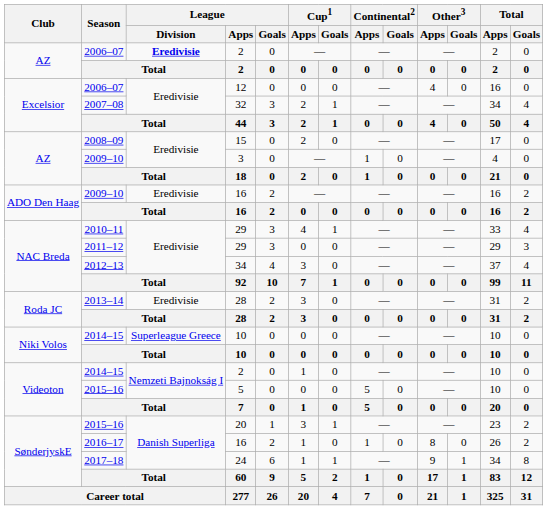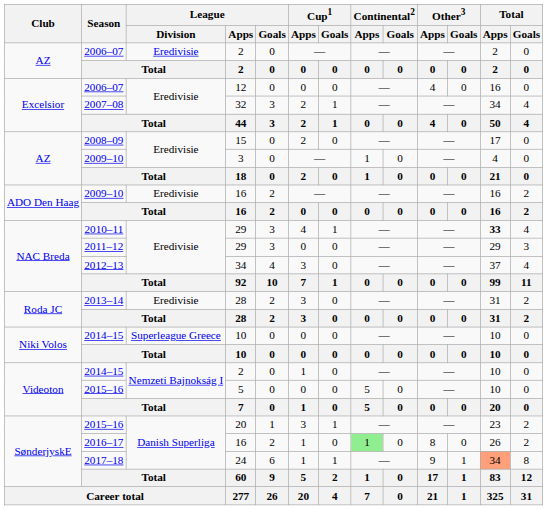 <table class="wikitable" style="text-align:center">
 <tr>
 <th rowspan=2>Club</th>
 <th rowspan=2>Season</th>
 <th colspan=3>League</th>
 <th colspan=2>Cup<sup>1</sup></th>
 <th colspan=2>Continental<sup>2</sup></th>
 <th colspan=2>Other<sup>3</sup></th>
 <th colspan=2>Total</th>
 </tr>
 <tr>
 <th>Division</th>
 <th>Apps</th>
 <th>Goals</th>
 <th>Apps</th>
 <th>Goals</th>
 <th>Apps</th>
 <th>Goals</th>
 <th>Apps</th>
 <th>Goals</th>
 <th>Apps</th>
 <th>Goals</th>
 </tr>
 <tr>
 <td rowspan=2><a href='#'>AZ</a></td>
 <td><a href='#'>2006–07</a></td>
-<td><strong><a href='#'>Eredivisie</a></strong></td>
+<td><a href='#'>Eredivisie</a></td>
 <td>2</td>
 <td>0</td>
 <td colspan=2>—</td>
 <td colspan=2>—</td>
 <td colspan=2>—</td>
 <td>2</td>
 <td>0</td>
 </tr>
 <tr>
 <th colspan=2>Total</th>
 <th>2</th>
 <th>0</th>
 <th>0</th>
 <th>0</th>
 <th>0</th>
 <th>0</th>
 <th>0</th>
 <th>0</th>
 <th>2</th>
 <th>0</th>
 </tr>
 <tr>
 <td rowspan=3><a href='#'>Excelsior</a></td>
 <td><a href='#'>2006–07</a></td>
 <td rowspan=2>Eredivisie</td>
 <td>12</td>
 <td>0</td>
 <td>0</td>
 <td>0</td>
 <td colspan=2>—</td>
 <td>4</td>
 <td>0</td>
 <td>16</td>
 <td>0</td>
 </tr>
 <tr>
 <td><a href='#'>2007–08</a></td>
 <td>32</td>
 <td>3</td>
 <td>2</td>
 <td>1</td>
 <td colspan=2>—</td>
 <td colspan=2>—</td>
 <td>34</td>
 <td>4</td>
 </tr>
 <tr>
 <th colspan=2>Total</th>
 <th>44</th>
 <th>3</th>
 <th>2</th>
 <th>1</th>
 <th>0</th>
 <th>0</th>
 <th>4</th>
 <th>0</th>
 <th>50</th>
 <th>4</th>
 </tr>
 <tr>
 <td rowspan=3><a href='#'>AZ</a></td>
 <td><a href='#'>2008–09</a></td>
 <td rowspan=2>Eredivisie</td>
 <td>15</td>
 <td>0</td>
 <td>2</td>
 <td>0</td>
 <td colspan=2>—</td>
 <td colspan=2>—</td>
 <td>17</td>
 <td>0</td>
 </tr>
 <tr>
 <td><a href='#'>2009–10</a></td>
 <td>3</td>
 <td>0</td>
 <td colspan=2>—</td>
 <td>1</td>
 <td>0</td>
 <td colspan=2>—</td>
 <td>4</td>
 <td>0</td>
 </tr>
 <tr>
 <th colspan=2>Total</th>
 <th>18</th>
 <th>0</th>
 <th>2</th>
 <th>0</th>
 <th>1</th>
 <th>0</th>
 <th>0</th>
 <th>0</th>
 <th>21</th>
 <th>0</th>
 </tr>
 <tr>
 <td rowspan=2><a href='#'>ADO Den Haag</a></td>
 <td><a href='#'>2009–10</a></td>
 <td>Eredivisie</td>
 <td>16</td>
 <td>2</td>
 <td colspan=2>—</td>
 <td colspan=2>—</td>
 <td colspan=2>—</td>
 <td>16</td>
 <td>2</td>
 </tr>
 <tr>
 <th colspan=2>Total</th>
 <th>16</th>
 <th>2</th>
 <th>0</th>
 <th>0</th>
 <th>0</th>
 <th>0</th>
 <th>0</th>
 <th>0</th>
 <th>16</th>
 <th>2</th>
 </tr>
 <tr>
 <td rowspan=4><a href='#'>NAC Breda</a></td>
 <td><a href='#'>2010–11</a></td>
 <td rowspan=3>Eredivisie</td>
 <td>29</td>
 <td>3</td>
 <td>4</td>
 <td>1</td>
 <td colspan=2>—</td>
 <td colspan=2>—</td>
-<td>33</td>
+<td><strong>33</strong></td>
 <td>4</td>
 </tr>
 <tr>
 <td><a href='#'>2011–12</a></td>
 <td>29</td>
 <td>3</td>
 <td>0</td>
 <td>0</td>
 <td colspan=2>—</td>
 <td colspan=2>—</td>
 <td>29</td>
 <td>3</td>
 </tr>
 <tr>
 <td><a href='#'>2012–13</a></td>
 <td>34</td>
 <td>4</td>
 <td>3</td>
 <td>0</td>
 <td colspan=2>—</td>
 <td colspan=2>—</td>
 <td>37</td>
 <td>4</td>
 </tr>
 <tr>
 <th colspan=2>Total</th>
 <th>92</th>
 <th>10</th>
 <th>7</th>
 <th>1</th>
 <th>0</th>
 <th>0</th>
 <th>0</th>
 <th>0</th>
 <th>99</th>
 <th>11</th>
 </tr>
 <tr>
 <td rowspan=2><a href='#'>Roda JC</a></td>
 <td><a href='#'>2013–14</a></td>
 <td>Eredivisie</td>
 <td>28</td>
 <td>2</td>
 <td>3</td>
 <td>0</td>
 <td colspan=2>—</td>
 <td colspan=2>—</td>
 <td>31</td>
 <td>2</td>
 </tr>
 <tr>
 <th colspan=2>Total</th>
 <th>28</th>
 <th>2</th>
 <th>3</th>
 <th>0</th>
 <th>0</th>
 <th>0</th>
 <th>0</th>
 <th>0</th>
 <th>31</th>
 <th>2</th>
 </tr>
 <tr>
 <td rowspan=2><a href='#'>Niki Volos</a></td>
 <td><a href='#'>2014–15</a></td>
 <td><a href='#'>Superleague Greece</a></td>
 <td>10</td>
 <td>0</td>
 <td>0</td>
 <td>0</td>
 <td colspan=2>—</td>
 <td colspan=2>—</td>
 <td>10</td>
 <td>0</td>
 </tr>
 <tr>
 <th colspan=2>Total</th>
 <th>10</th>
 <th>0</th>
 <th>0</th>
 <th>0</th>
 <th>0</th>
 <th>0</th>
 <th>0</th>
 <th>0</th>
 <th>10</th>
 <th>0</th>
 </tr>
 <tr>
 <td rowspan=3><a href='#'>Videoton</a></td>
 <td><a href='#'>2014–15</a></td>
 <td rowspan=2><a href='#'>Nemzeti Bajnokság I</a></td>
 <td>2</td>
 <td>0</td>
 <td>1</td>
 <td>0</td>
 <td colspan=2>—</td>
 <td colspan=2>—</td>
 <td>10</td>
 <td>0</td>
 </tr>
 <tr>
 <td><a href='#'>2015–16</a></td>
 <td>5</td>
 <td>0</td>
 <td>0</td>
 <td>0</td>
 <td>5</td>
 <td>0</td>
 <td colspan=2>—</td>
 <td>10</td>
 <td>0</td>
 </tr>
 <tr>
 <th colspan=2>Total</th>
 <th>7</th>
 <th>0</th>
 <th>1</th>
 <th>0</th>
 <th>5</th>
 <th>0</th>
 <th>0</th>
 <th>0</th>
 <th>20</th>
 <th>0</th>
 </tr>
 <tr>
 <td rowspan=4><a href='#'>SønderjyskE</a></td>
 <td><a href='#'>2015–16</a></td>
 <td rowspan=3><a href='#'>Danish Superliga</a></td>
 <td>20</td>
 <td>1</td>
 <td>3</td>
 <td>1</td>
 <td colspan=2>—</td>
 <td colspan=2>—</td>
 <td>23</td>
 <td>2</td>
 </tr>
 <tr>
 <td><a href='#'>2016–17</a></td>
 <td>16</td>
 <td>2</td>
 <td>1</td>
 <td>0</td>
-<td>1</td>
+<td style="background: lightgreen;">1</td>
 <td>0</td>
 <td>8</td>
 <td>0</td>
 <td>26</td>
 <td>2</td>
 </tr>
 <tr>
 <td><a href='#'>2017–18</a></td>
 <td>24</td>
 <td>6</td>
 <td>1</td>
 <td>1</td>
 <td colspan=2>—</td>
 <td>9</td>
 <td>1</td>
-<td>34</td>
+<td style="background: lightsalmon;">34</td>
 <td>8</td>
 </tr>
 <tr>
 <th colspan=2>Total</th>
 <th>60</th>
 <th>9</th>
 <th>5</th>
 <th>2</th>
 <th>1</th>
 <th>0</th>
 <th>17</th>
 <th>1</th>
 <th>83</th>
 <th>12</th>
 </tr>
 <tr>
 <th colspan=3>Career total</th>
 <th>277</th>
 <th>26</th>
 <th>20</th>
 <th>4</th>
 <th>7</th>
 <th>0</th>
 <th>21</th>
 <th>1</th>
 <th>325</th>
 <th>31</th>
 </tr>
 </table>
